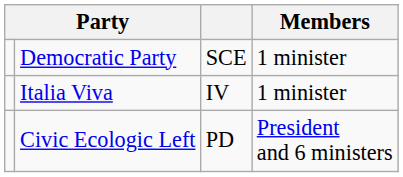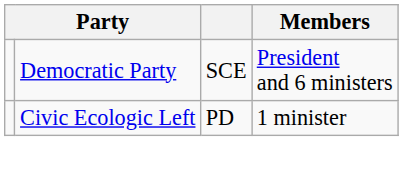 <table class="wikitable">
 <tr>
 <th colspan=2>Party</th>
 <th></th>
 <th>Members</th>
 </tr>
 <tr>
 <td style="background:"></td>
 <td><a href='#'>Democratic Party</a></td>
 <td>SCE</td>
-<td>1 minister</td>
-</tr>
-<tr>
-<td style="background:"></td>
-<td><a href='#'>Italia Viva</a></td>
-<td>IV</td>
-<td>1 minister</td>
+<td><a href='#'>President</a> <br>and 6 ministers</td>
 </tr>
 <tr>
 <td style="background:"></td>
 <td><a href='#'>Civic Ecologic Left</a></td>
 <td>PD</td>
-<td><a href='#'>President</a> <br>and 6 ministers</td>
+<td>1 minister</td>
 </tr>
 </table>
